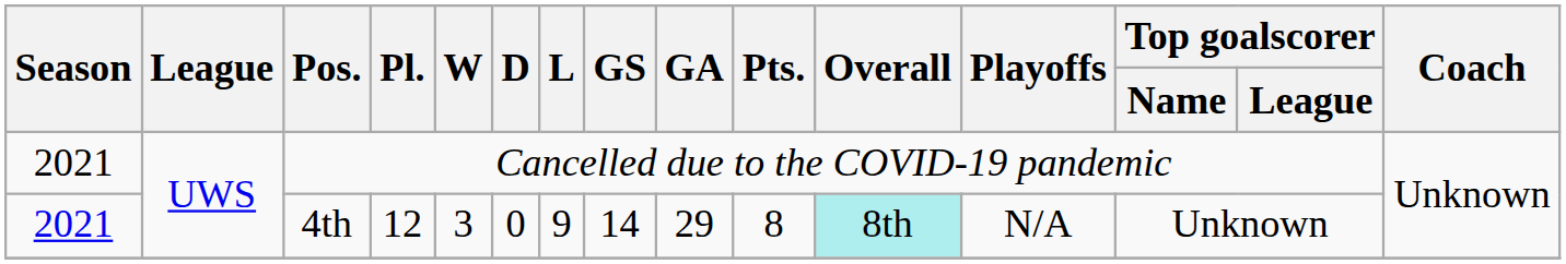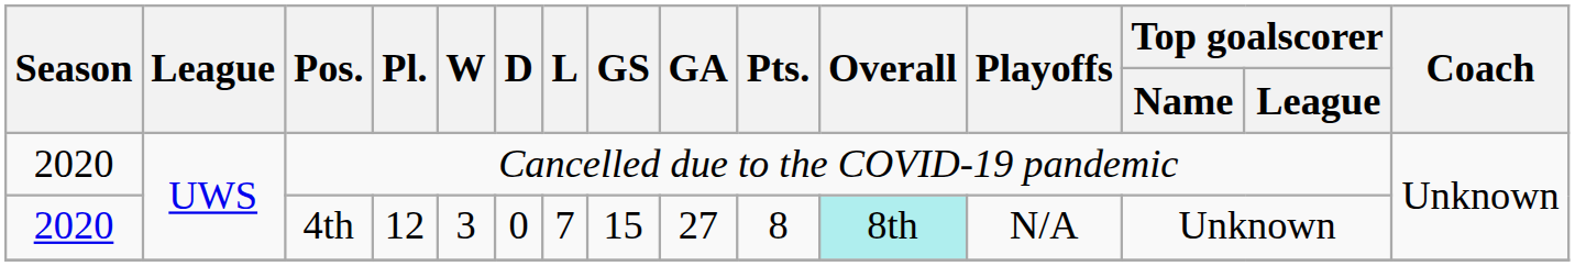 <table class="wikitable">
 <tr style="background:#efefef;">
 <th rowspan="2">Season</th>
 <th rowspan="2">League</th>
 <th rowspan="2">Pos.</th>
 <th rowspan="2">Pl.</th>
 <th rowspan="2">W</th>
 <th rowspan="2">D</th>
 <th rowspan="2">L</th>
 <th rowspan="2">GS</th>
 <th rowspan="2">GA</th>
 <th rowspan="2">Pts.</th>
 <th rowspan="2">Overall</th>
 <th rowspan="2">Playoffs</th>
 <th colspan="2">Top goalscorer</th>
 <th rowspan="2">Coach</th>
 </tr>
 <tr>
 <th>Name</th>
 <th>League</th>
 </tr>
 <tr>
-<td style="text-align:center;">2021</td>
+<td style="text-align:center;">2020</td>
 <td style="text-align:center;"rowspan="2"><a href='#'>UWS</a></td>
 <td colspan="12" style="text-align:center;"><em>Cancelled due to the COVID-19 pandemic</em></td>
 <td style="text-align:center;" rowspan="2">Unknown</td>
 </tr>
 <tr>
-<td style="text-align:center;"><a href='#'>2021</a></td>
+<td style="text-align:center;"><a href='#'>2020</a></td>
 <td style="text-align:center">4th</td>
 <td align=center>12</td>
 <td align=center>3</td>
 <td align=center>0</td>
-<td align=center>9</td>
-<td align=center>14</td>
-<td align=center>29</td>
+<td align=center>7</td>
+<td align=center>15</td>
+<td align=center>27</td>
 <td align=center>8</td>
 <td style="background: paleturquoise; text-align:center;">8th</td>
 <td style="text-align:center;">N/A</td>
 <td style="text-align:center;" colspan="2">Unknown</td>
 </tr>
 <tr>
 </tr>
 </table>
